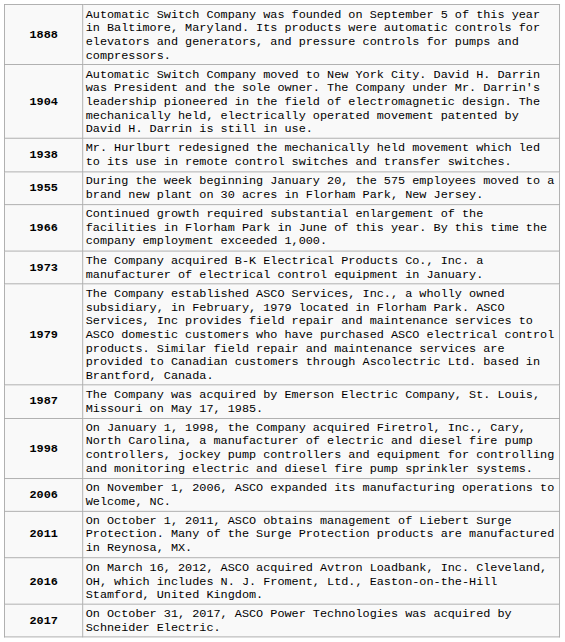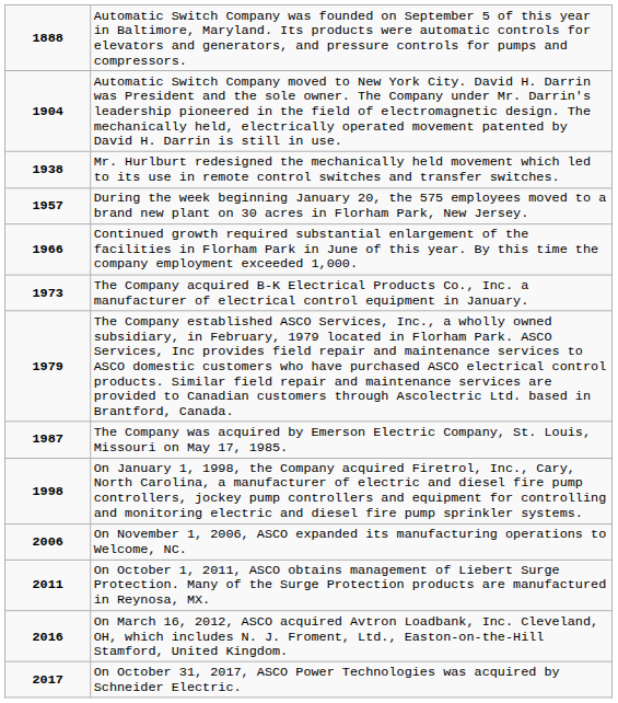 <table class="wikitable">
 <tr>
 <td style="width: 80px; text-align: center"><strong>1888</strong></td>
 <td>Automatic Switch Company was founded on September 5 of this year in Baltimore, Maryland. Its products were automatic controls for elevators and generators, and pressure controls for pumps and compressors.</td>
 </tr>
 <tr>
 <td style="width: 80px; text-align: center"><strong>1904</strong></td>
 <td>Automatic Switch Company moved to New York City. David H. Darrin was President and the sole owner. The Company under Mr. Darrin's leadership pioneered in the field of electromagnetic design. The mechanically held, electrically operated movement patented by David H. Darrin is still in use.</td>
 </tr>
 <tr>
 <td style="width: 80px; text-align: center"><strong>1938</strong></td>
 <td>Mr. Hurlburt redesigned the mechanically held movement which led to its use in remote control switches and transfer switches.</td>
 </tr>
 <tr>
-<td style="width: 80px; text-align: center"><strong>1955</strong></td>
+<td style="width: 80px; text-align: center"><strong>1957</strong></td>
 <td>During the week beginning January 20, the 575 employees moved to a brand new plant on 30 acres in Florham Park, New Jersey.</td>
 </tr>
 <tr>
 <td style="width: 80px; text-align: center"><strong>1966</strong></td>
 <td>Continued growth required substantial enlargement of the facilities in Florham Park in June of this year. By this time the company employment exceeded 1,000.</td>
 </tr>
 <tr>
 <td style="width: 80px; text-align: center"><strong>1973</strong></td>
 <td>The Company acquired B-K Electrical Products Co., Inc. a manufacturer of electrical control equipment in January.</td>
 </tr>
 <tr>
 <td style="width: 80px; text-align: center"><strong>1979</strong></td>
 <td>The Company established ASCO Services, Inc., a wholly owned subsidiary, in February, 1979 located in Florham Park. ASCO Services, Inc provides field repair and maintenance services to ASCO domestic customers who have purchased ASCO electrical control products.  Similar field repair and maintenance services are provided to Canadian customers through Ascolectric Ltd. based in Brantford, Canada.</td>
 </tr>
 <tr>
 <td style="width: 80px; text-align: center"><strong>1987</strong></td>
 <td>The Company was acquired by Emerson Electric Company, St. Louis, Missouri on May 17, 1985.</td>
 </tr>
 <tr>
 <td style="width: 80px; text-align: center"><strong>1998</strong></td>
 <td>On January 1, 1998, the Company acquired Firetrol, Inc., Cary, North Carolina, a manufacturer of electric and diesel fire pump controllers, jockey pump controllers and equipment for controlling and monitoring electric and diesel fire pump sprinkler systems.</td>
 </tr>
 <tr>
 <td style="width: 80px; text-align: center"><strong>2006</strong></td>
 <td>On November 1, 2006, ASCO expanded its manufacturing operations to Welcome, NC.</td>
 </tr>
 <tr>
 <td style="width: 80px; text-align: center"><strong>2011</strong></td>
 <td>On October 1, 2011, ASCO obtains management of Liebert Surge Protection. Many of the Surge Protection products are manufactured in Reynosa, MX.</td>
 </tr>
 <tr>
 <td style="width: 80px; text-align: center"><strong>2016</strong></td>
 <td>On March 16, 2012, ASCO acquired Avtron Loadbank, Inc. Cleveland, OH, which includes N. J. Froment, Ltd., Easton-on-the-Hill Stamford, United Kingdom.</td>
 </tr>
 <tr>
 <td style="width: 80px; text-align: center"><strong>2017</strong></td>
 <td>On October 31, 2017, ASCO Power Technologies was acquired by Schneider Electric.</td>
 </tr>
 </table>
